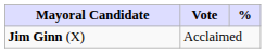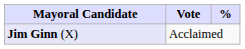 <table class="wikitable">
 <tr>
 <th style="background:#ddf; width:200px;">Mayoral Candidate</th>
 <th style="background:#ddf; width:50px;">Vote</th>
 <th style="background:#ddf; width:30px;">%</th>
 </tr>
 <tr>
-<td><strong>Jim Ginn</strong> (X)</td>
+<td style="background: lavender;"><strong>Jim Ginn</strong> (X)</td>
 <td colspan="2">Acclaimed</td>
 </tr>
 </table>
